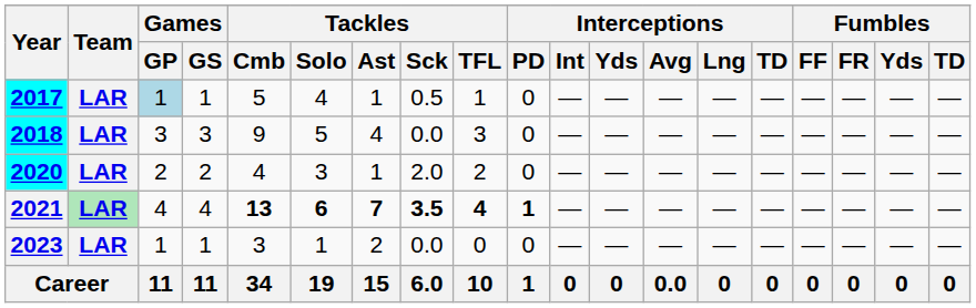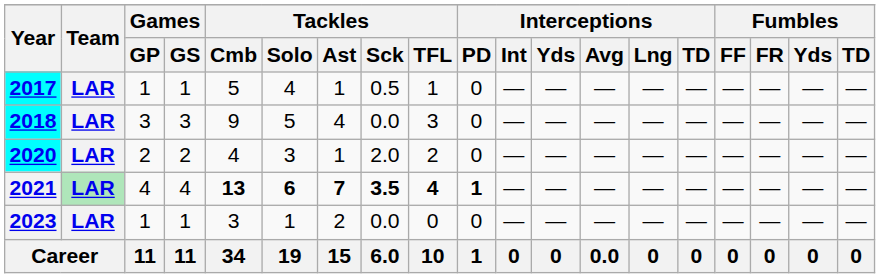 <table class= "wikitable" style="text-align:center;">
 <tr>
 </tr>
 <tr>
 <th rowspan="2">Year</th>
 <th rowspan="2">Team</th>
 <th colspan="2">Games</th>
 <th colspan="5">Tackles</th>
 <th colspan="6">Interceptions</th>
 <th colspan="4">Fumbles</th>
 </tr>
 <tr>
 <th>GP</th>
 <th>GS</th>
 <th>Cmb</th>
 <th>Solo</th>
 <th>Ast</th>
 <th>Sck</th>
 <th>TFL</th>
 <th>PD</th>
 <th>Int</th>
 <th>Yds</th>
 <th>Avg</th>
 <th>Lng</th>
 <th>TD</th>
 <th>FF</th>
 <th>FR</th>
 <th>Yds</th>
 <th>TD</th>
 </tr>
 <tr>
 <th style="background:#00ffff"><a href='#'>2017</a></th>
 <th><a href='#'>LAR</a></th>
-<td style="background: lightblue;">1</td>
+<td>1</td>
 <td>1</td>
 <td>5</td>
 <td>4</td>
 <td>1</td>
 <td>0.5</td>
 <td>1</td>
 <td>0</td>
 <td>—</td>
 <td>—</td>
 <td>—</td>
 <td>—</td>
 <td>—</td>
 <td>—</td>
 <td>—</td>
 <td>—</td>
 <td>—</td>
 </tr>
 <tr>
 <th style="background:#00ffff"><a href='#'>2018</a></th>
 <th><a href='#'>LAR</a></th>
 <td>3</td>
 <td>3</td>
 <td>9</td>
 <td>5</td>
 <td>4</td>
 <td>0.0</td>
 <td>3</td>
 <td>0</td>
 <td>—</td>
 <td>—</td>
 <td>—</td>
 <td>—</td>
 <td>—</td>
 <td>—</td>
 <td>—</td>
 <td>—</td>
 <td>—</td>
 </tr>
 <tr>
 <th style="background:#00ffff"><a href='#'>2020</a></th>
 <th><a href='#'>LAR</a></th>
 <td>2</td>
 <td>2</td>
 <td>4</td>
 <td>3</td>
 <td>1</td>
 <td>2.0</td>
 <td>2</td>
 <td>0</td>
 <td>—</td>
 <td>—</td>
 <td>—</td>
 <td>—</td>
 <td>—</td>
 <td>—</td>
 <td>—</td>
 <td>—</td>
 <td>—</td>
 </tr>
 <tr>
 <th><a href='#'>2021</a></th>
 <th style="background:#afe6ba"><a href='#'>LAR</a></th>
 <td>4</td>
 <td>4</td>
 <td><strong>13</strong></td>
 <td><strong>6</strong></td>
 <td><strong>7</strong></td>
 <td><strong>3.5</strong></td>
 <td><strong>4</strong></td>
 <td><strong>1</strong></td>
 <td>—</td>
 <td>—</td>
 <td>—</td>
 <td>—</td>
 <td>—</td>
 <td>—</td>
 <td>—</td>
 <td>—</td>
 <td>—</td>
 </tr>
 <tr>
 <th><a href='#'>2023</a></th>
 <th><a href='#'>LAR</a></th>
 <td>1</td>
 <td>1</td>
 <td>3</td>
 <td>1</td>
 <td>2</td>
 <td>0.0</td>
 <td>0</td>
 <td>0</td>
 <td>—</td>
 <td>—</td>
 <td>—</td>
 <td>—</td>
 <td>—</td>
 <td>—</td>
 <td>—</td>
 <td>—</td>
 <td>—</td>
 </tr>
 <tr>
 <th colspan="2">Career</th>
 <th>11</th>
 <th>11</th>
 <th>34</th>
 <th>19</th>
 <th>15</th>
 <th>6.0</th>
 <th>10</th>
 <th>1</th>
 <th>0</th>
 <th>0</th>
 <th>0.0</th>
 <th>0</th>
 <th>0</th>
 <th>0</th>
 <th>0</th>
 <th>0</th>
 <th>0</th>
 </tr>
 </table>
